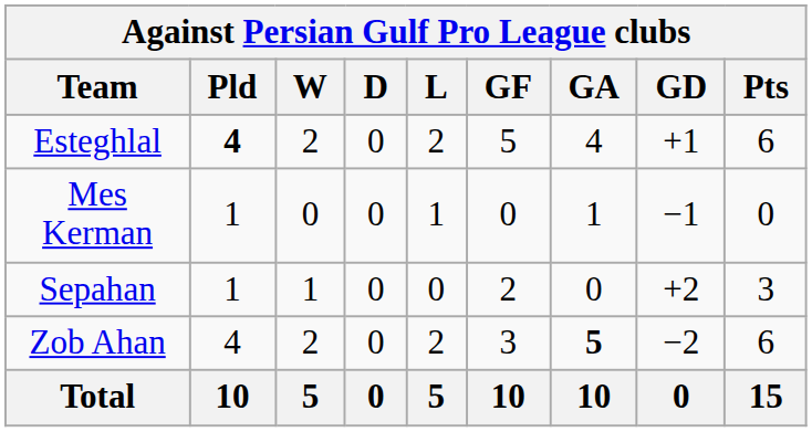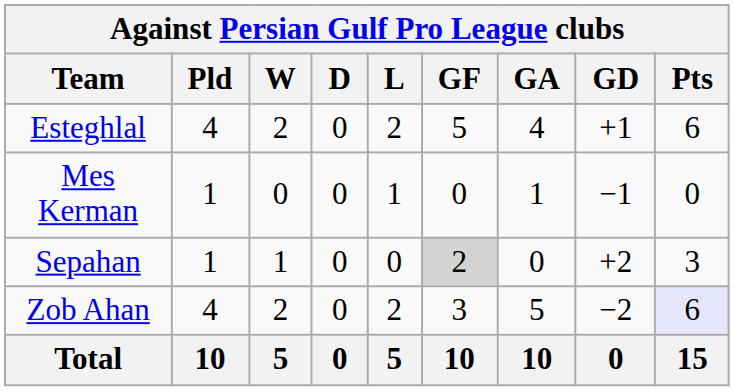 <table class="wikitable" width="60%" style="text-align:center">
 <tr>
 <th colspan="9">Against <a href='#'>Persian Gulf Pro League</a> clubs</th>
 </tr>
 <tr>
 <th width="10%">Team</th>
 <th width="5%">Pld</th>
 <th width="5%">W</th>
 <th width="5%">D</th>
 <th width="5%">L</th>
 <th width="5%">GF</th>
 <th width="5%">GA</th>
 <th width="5%">GD</th>
 <th width="5%">Pts</th>
 </tr>
 <tr>
 <td><a href='#'>Esteghlal</a></td>
-<td><strong>4</strong></td>
+<td>4</td>
 <td>2</td>
 <td>0</td>
 <td>2</td>
 <td>5</td>
 <td>4</td>
 <td>+1</td>
 <td>6</td>
 </tr>
 <tr>
 <td><a href='#'>Mes Kerman</a></td>
 <td>1</td>
 <td>0</td>
 <td>0</td>
 <td>1</td>
 <td>0</td>
 <td>1</td>
 <td>−1</td>
 <td>0</td>
 </tr>
 <tr>
 <td><a href='#'>Sepahan</a></td>
 <td>1</td>
 <td>1</td>
 <td>0</td>
 <td>0</td>
-<td>2</td>
+<td style="background: lightgrey;">2</td>
 <td>0</td>
 <td>+2</td>
 <td>3</td>
 </tr>
 <tr>
 <td><a href='#'>Zob Ahan</a></td>
 <td>4</td>
 <td>2</td>
 <td>0</td>
 <td>2</td>
 <td>3</td>
-<td><strong>5</strong></td>
+<td>5</td>
 <td>−2</td>
-<td>6</td>
+<td style="background: lavender;">6</td>
 </tr>
 <tr>
 <th>Total</th>
 <th>10</th>
 <th>5</th>
 <th>0</th>
 <th>5</th>
 <th>10</th>
 <th>10</th>
 <th>0</th>
 <th>15</th>
 </tr>
 </table>
